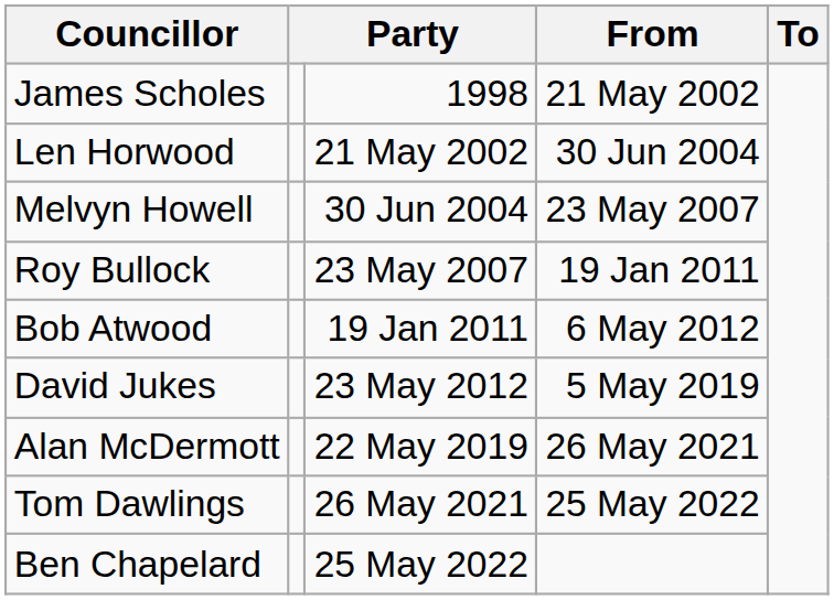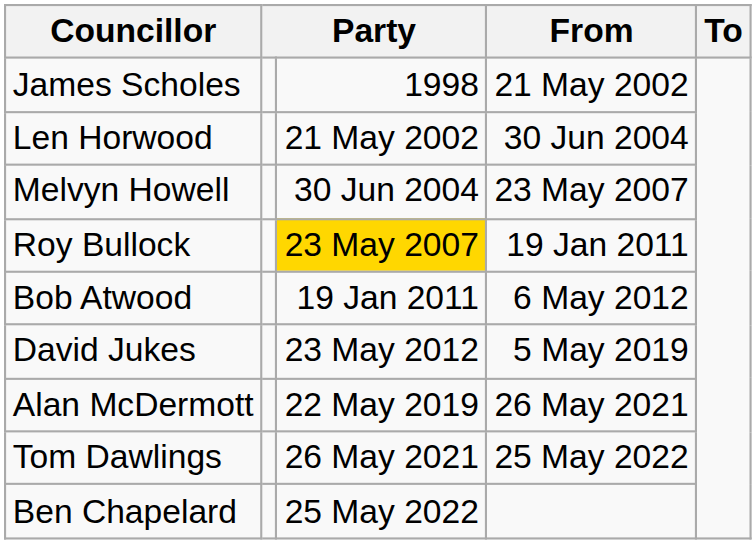 <table class=wikitable>
 <tr>
 <th>Councillor</th>
 <th colspan=2>Party</th>
 <th>From</th>
 <th>To</th>
 </tr>
 <tr>
 <td>James Scholes</td>
 <td></td>
 <td align=right>1998</td>
 <td align=right>21 May 2002</td>
 </tr>
 <tr>
 <td>Len Horwood</td>
 <td></td>
 <td align=right>21 May 2002</td>
 <td align=right>30 Jun 2004</td>
 </tr>
 <tr>
 <td>Melvyn Howell</td>
 <td></td>
 <td align=right>30 Jun 2004</td>
 <td align=right>23 May 2007</td>
 </tr>
 <tr>
 <td>Roy Bullock</td>
 <td></td>
-<td align=right>23 May 2007</td>
+<td align=right style="background: gold;">23 May 2007</td>
 <td align=right>19 Jan 2011</td>
 </tr>
 <tr>
 <td>Bob Atwood</td>
 <td></td>
 <td align=right>19 Jan 2011</td>
 <td align=right>6 May 2012</td>
 </tr>
 <tr>
 <td>David Jukes</td>
 <td></td>
 <td align=right>23 May 2012</td>
 <td align=right>5 May 2019</td>
 </tr>
 <tr>
 <td>Alan McDermott</td>
 <td></td>
 <td align=right>22 May 2019</td>
 <td align=right>26 May 2021</td>
 </tr>
 <tr>
 <td>Tom Dawlings</td>
 <td></td>
 <td align=right>26 May 2021</td>
 <td align=right>25 May 2022</td>
 </tr>
 <tr>
 <td>Ben Chapelard</td>
 <td></td>
 <td align=right>25 May 2022</td>
 <td></td>
 </tr>
 </table>
